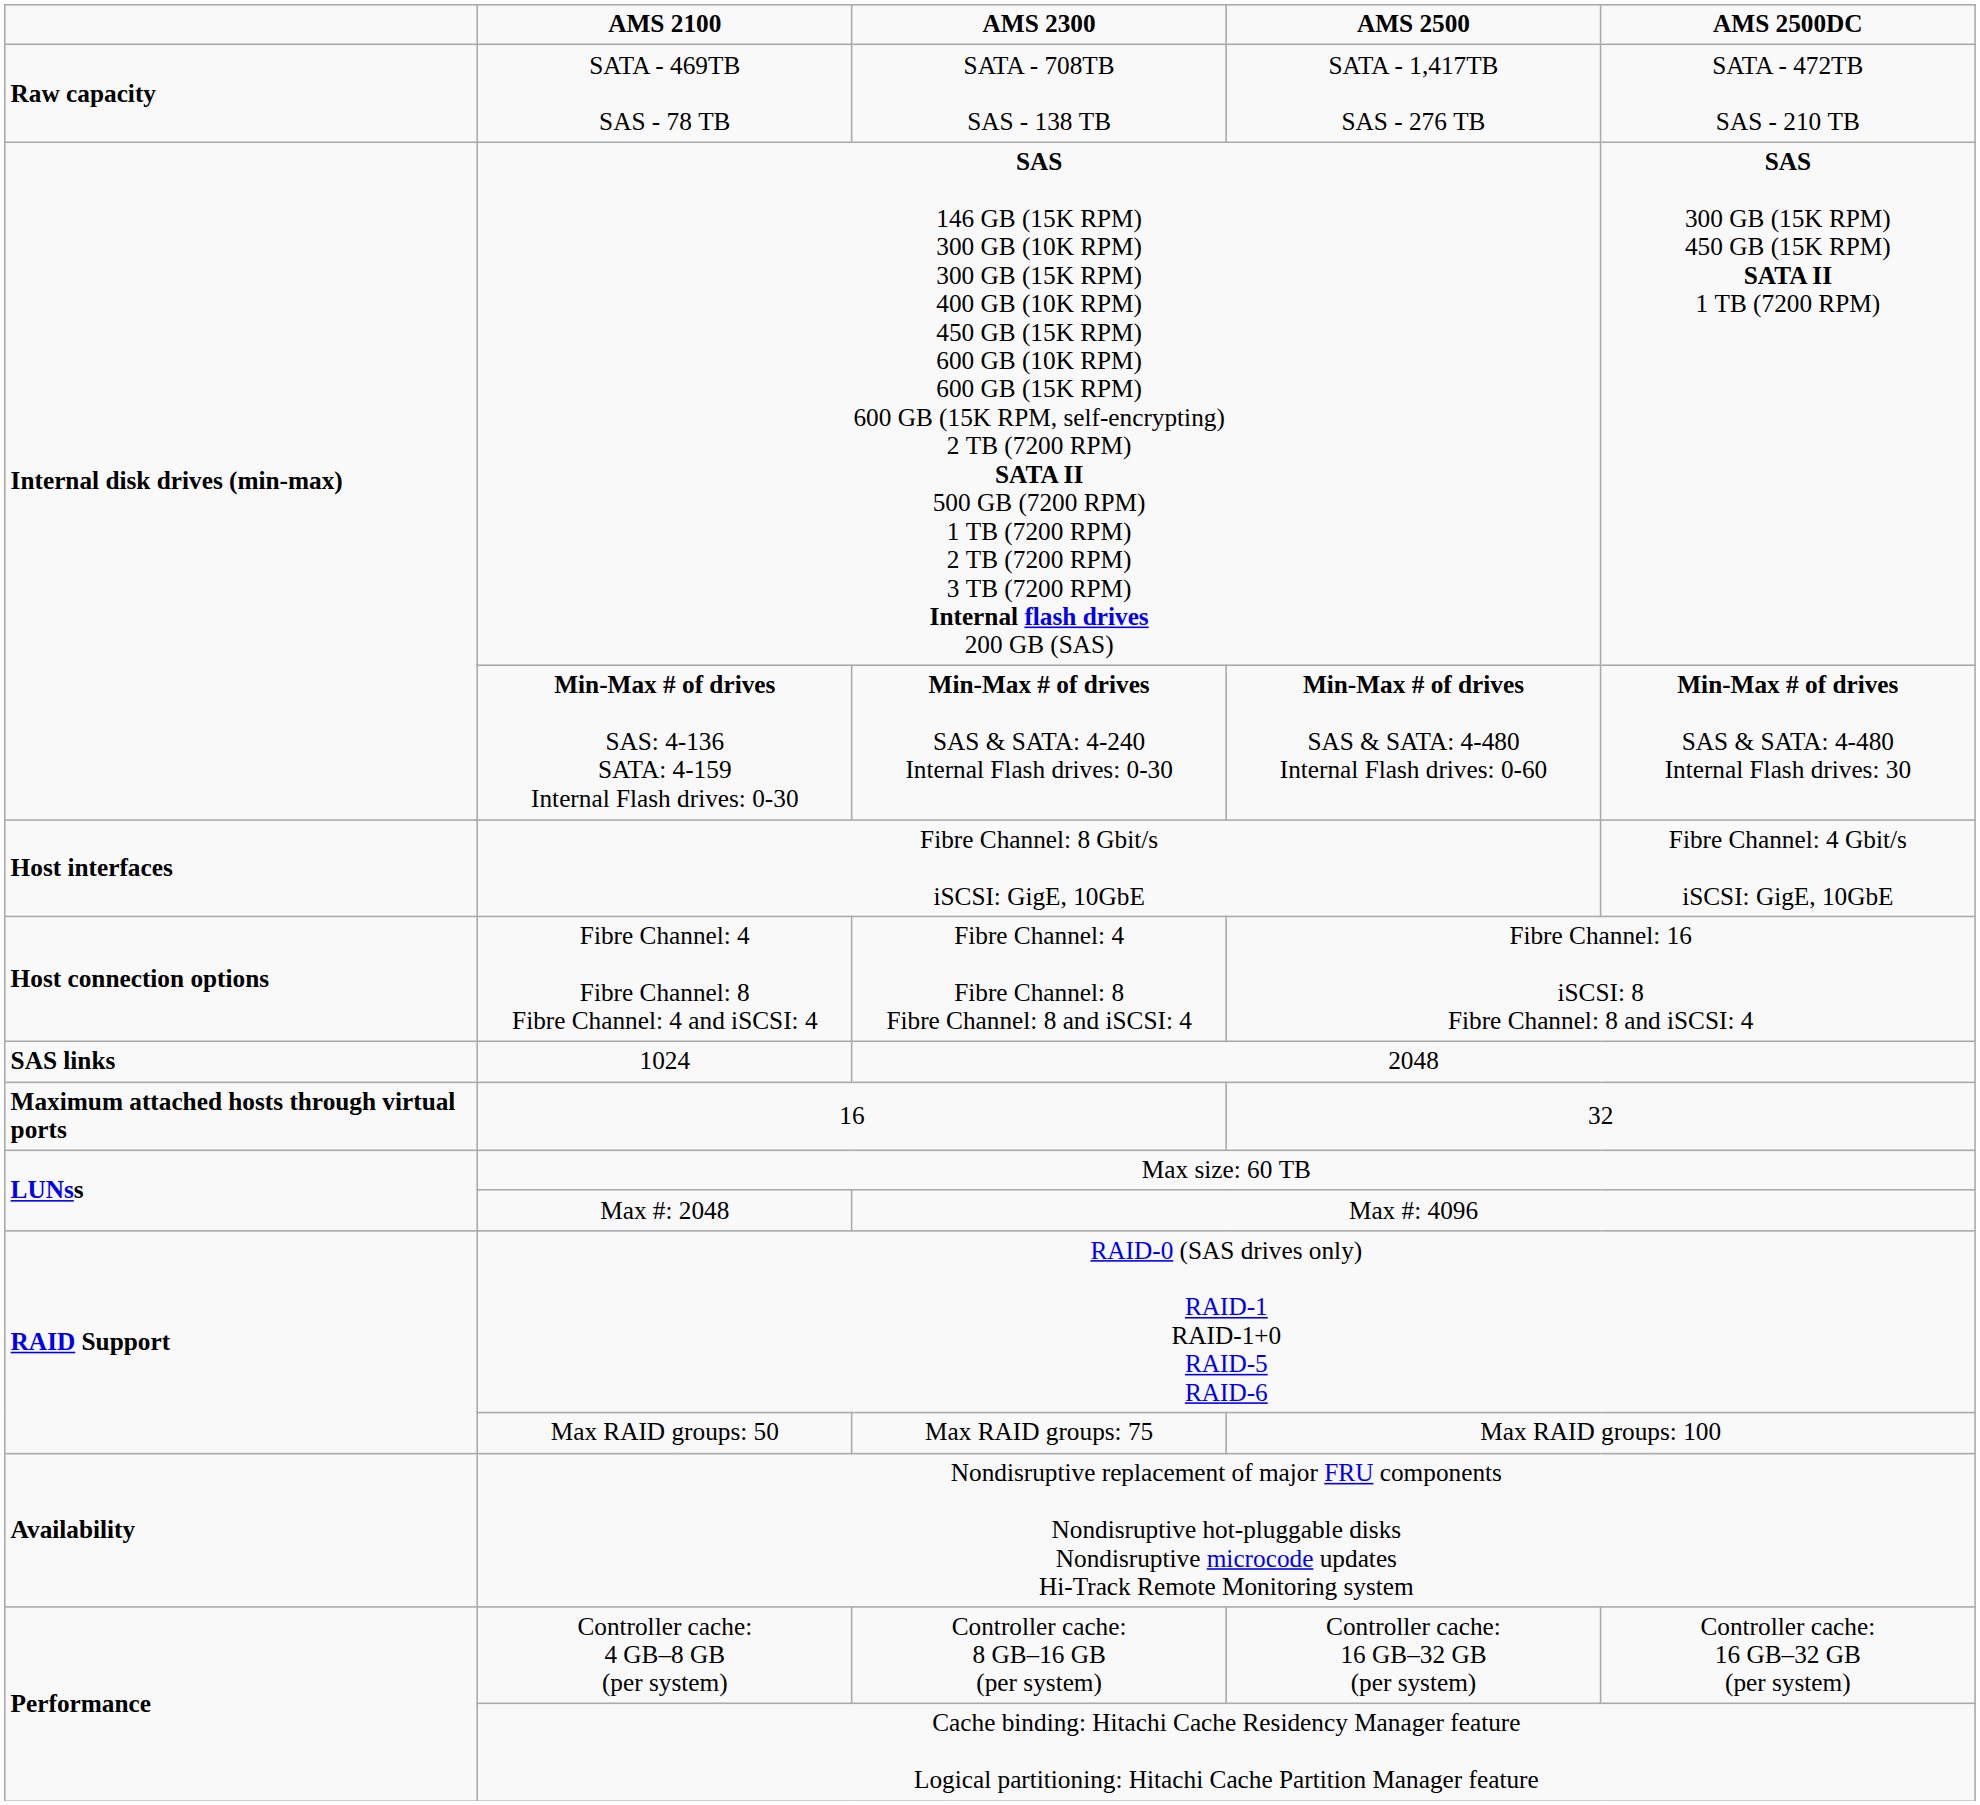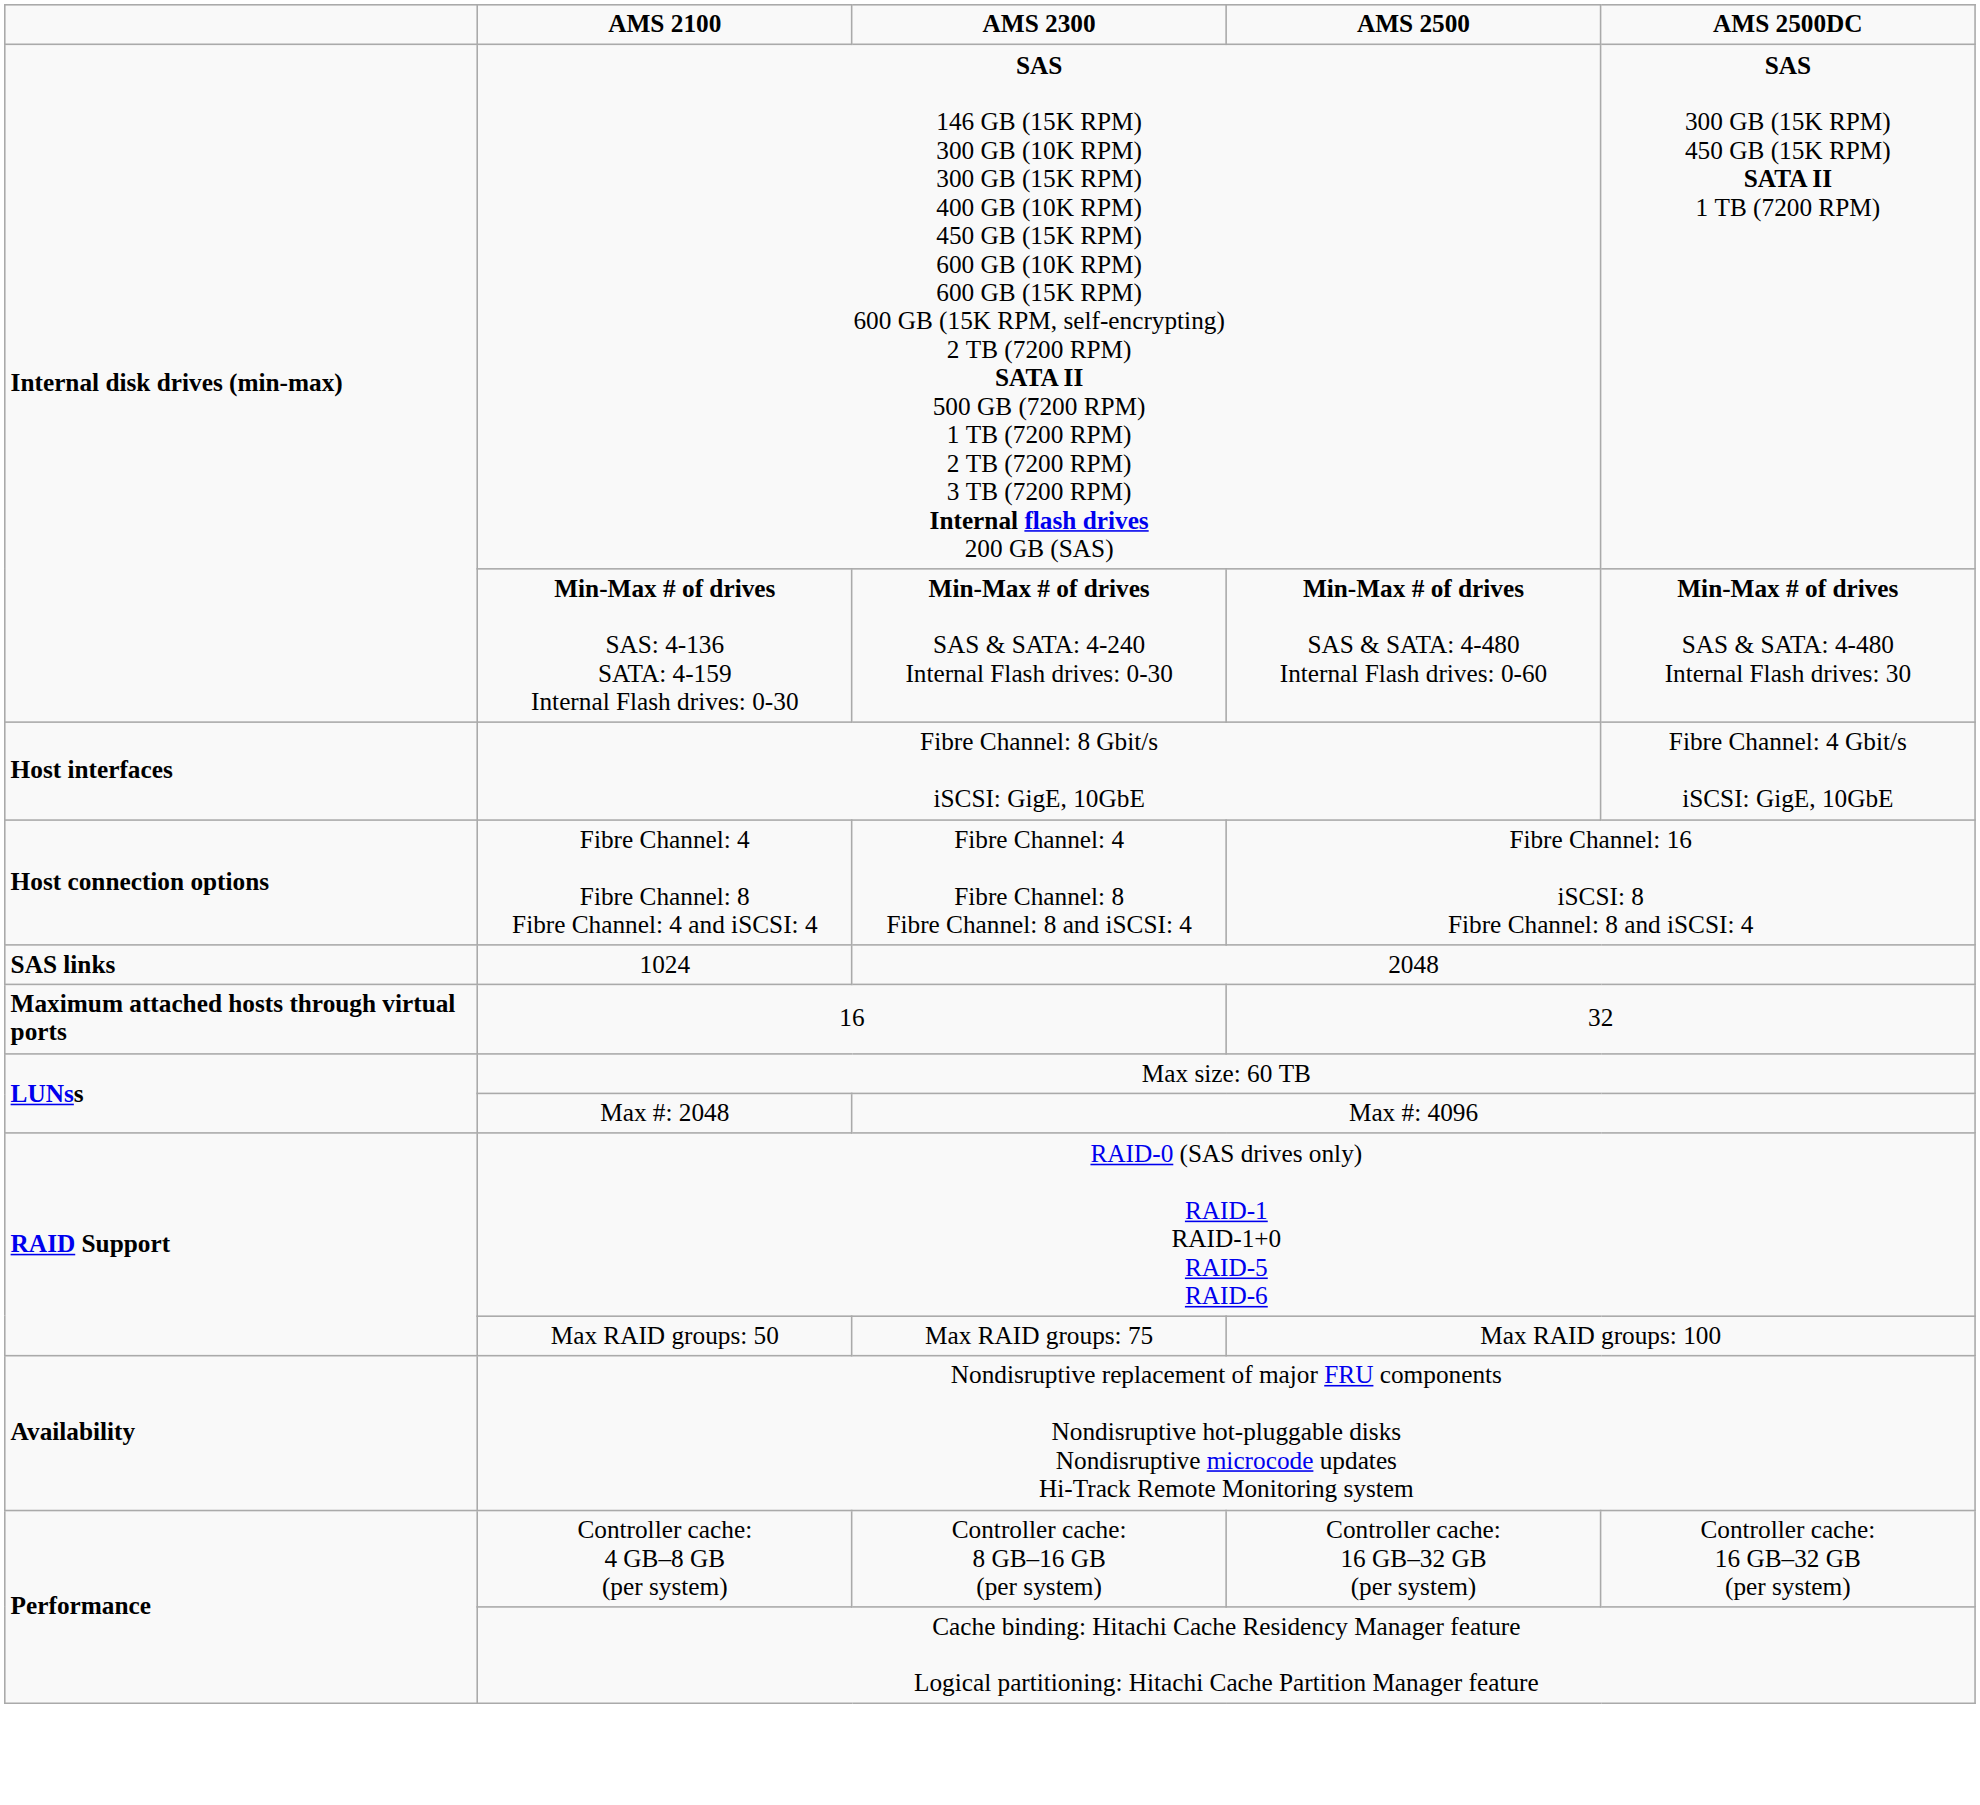 <table class="wikitable">
 <tr>
 <td width="24%"></td>
 <td align="center" width="19%"><strong>AMS 2100</strong></td>
 <td align="center" width="19%"><strong>AMS 2300</strong></td>
 <td align="center" width="19%"><strong>AMS 2500</strong></td>
 <td align="center" width="19%"><strong>AMS 2500DC</strong></td>
-</tr>
-<tr>
-<td><strong>Raw capacity</strong></td>
-<td valign="top" align="center">SATA - 469TB<br><br>SAS - 78 TB</td>
-<td valign="top" align="center">SATA - 708TB<br><br>SAS - 138 TB</td>
-<td valign="top" align="center">SATA - 1,417TB<br><br>SAS - 276 TB</td>
-<td valign="top" align="center">SATA - 472TB<br><br>SAS - 210 TB</td>
 </tr>
 <tr>
 <td rowspan=2><strong>Internal disk drives (min-max)</strong></td>
 <td valign="top" align="center" colspan=3><strong>SAS</strong><br><br>146 GB (15K RPM)<br> 300 GB (10K RPM)<br> 300 GB (15K RPM)<br> 400 GB (10K RPM)<br> 450 GB (15K RPM)<br> 600 GB (10K RPM)<br> 600 GB (15K RPM)<br> 600 GB (15K RPM, self-encrypting)<br> 2 TB (7200 RPM)<br> <strong>SATA II</strong><br> 500 GB (7200 RPM)<br> 1 TB (7200 RPM)<br> 2 TB (7200 RPM)<br> 3 TB (7200 RPM)<br> <strong>Internal <a href='#'>flash drives</a></strong><br> 200 GB (SAS)</td>
 <td valign="top" align="center"><strong>SAS</strong><br><br>300 GB (15K RPM)<br> 450 GB (15K RPM)<br> <strong>SATA II</strong><br> 1 TB (7200 RPM)<br></td>
 </tr>
 <tr>
 <td valign="top" align="center"><strong>Min-Max # of drives</strong><br><br>SAS: 4-136<br> SATA: 4-159<br> Internal Flash drives: 0-30</td>
 <td valign="top" align="center"><strong>Min-Max # of drives</strong><br><br>SAS & SATA: 4-240<br> Internal Flash drives: 0-30</td>
 <td valign="top" align="center"><strong>Min-Max # of drives</strong><br><br>SAS & SATA: 4-480<br> Internal Flash drives: 0-60</td>
 <td valign="top" align="center"><strong>Min-Max # of drives</strong><br><br>SAS & SATA: 4-480<br> Internal Flash drives: 30</td>
 </tr>
 <tr>
 <td><strong>Host interfaces</strong></td>
 <td align="center" colspan=3>Fibre Channel: 8 Gbit/s<br><br>iSCSI: GigE, 10GbE</td>
 <td align="center">Fibre Channel: 4 Gbit/s<br><br>iSCSI: GigE, 10GbE</td>
 </tr>
 <tr>
 <td><strong>Host connection options</strong></td>
 <td align="center">Fibre Channel: 4<br><br>Fibre Channel: 8<br> Fibre Channel: 4 and iSCSI: 4</td>
 <td align="center">Fibre Channel: 4<br><br>Fibre Channel: 8<br> Fibre Channel: 8 and iSCSI: 4</td>
 <td align="center" colspan=2>Fibre Channel: 16<br><br>iSCSI: 8<br> Fibre Channel: 8 and iSCSI: 4</td>
 </tr>
 <tr>
 <td><strong>SAS links</strong></td>
 <td align="center">1024</td>
 <td align="center" colspan=3>2048</td>
 </tr>
 <tr>
 <td><strong>Maximum attached hosts through virtual ports</strong></td>
 <td align="center" colspan=2>16</td>
 <td align="center" colspan=2>32</td>
 </tr>
 <tr>
 <td rowspan=2><strong><a href='#'>LUNs</a>s</strong></td>
 <td colspan=4 align="center">Max size: 60 TB</td>
 </tr>
 <tr>
 <td align="center">Max #: 2048</td>
 <td align="center" colspan=3>Max #: 4096</td>
 </tr>
 <tr>
 <td rowspan=2><strong><a href='#'>RAID</a> Support</strong></td>
 <td align="center" colspan=4><a href='#'>RAID-0</a> (SAS drives only)<br><br><a href='#'>RAID-1</a><br> RAID-1+0<br> <a href='#'>RAID-5</a><br> <a href='#'>RAID-6</a><br></td>
 </tr>
 <tr>
 <td align="center">Max RAID groups: 50</td>
 <td align="center">Max RAID groups: 75</td>
 <td align="center" colspan=2>Max RAID groups: 100</td>
 </tr>
 <tr>
 <td><strong>Availability</strong></td>
 <td align="center" colspan=4>Nondisruptive replacement of major <a href='#'>FRU</a> components<br><br>Nondisruptive hot-pluggable disks<br> Nondisruptive <a href='#'>microcode</a> updates<br> Hi-Track Remote Monitoring system</td>
 </tr>
 <tr>
 <td rowspan=2><strong>Performance</strong></td>
 <td align="center">Controller cache:<br>4 GB–8 GB<br>(per system)</td>
 <td align="center">Controller cache:<br>8 GB–16 GB<br>(per system)</td>
 <td align="center">Controller cache:<br>16 GB–32 GB<br>(per system)</td>
 <td align="center">Controller cache:<br>16 GB–32 GB<br>(per system)</td>
 </tr>
 <tr>
 <td align="center" colspan=4>Cache binding: Hitachi Cache Residency Manager feature<br><br>Logical partitioning: Hitachi Cache Partition Manager feature</td>
 </tr>
 </table>
